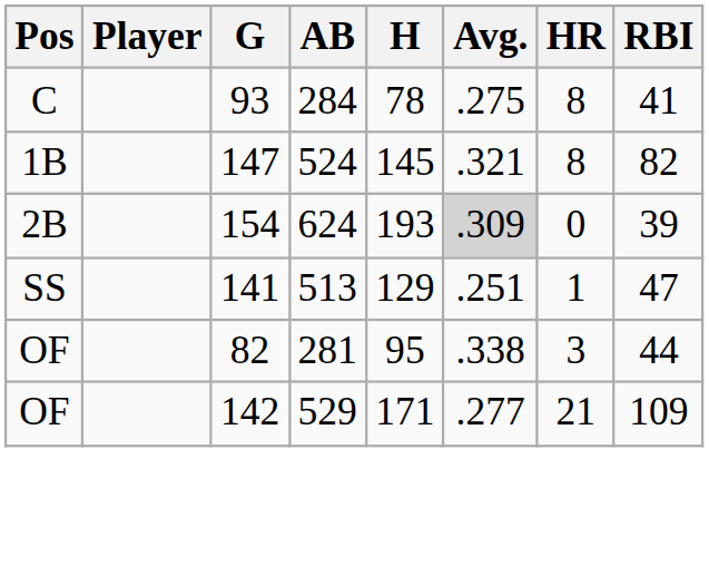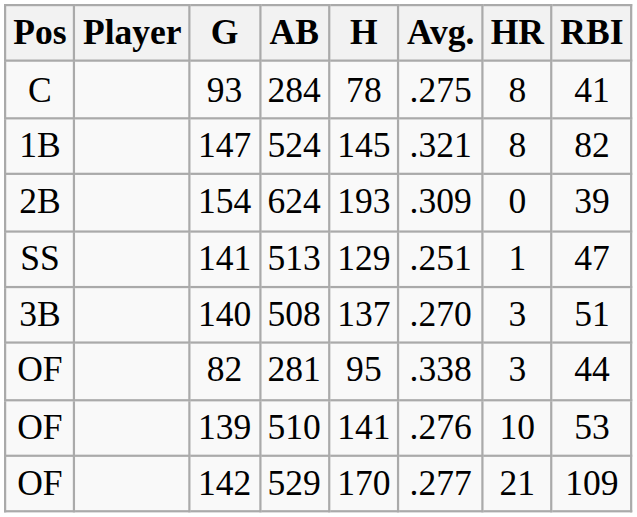 <table class="wikitable sortable" style="text-align:center;">
 <tr>
 <th>Pos</th>
 <th>Player</th>
 <th>G</th>
 <th>AB</th>
 <th>H</th>
 <th>Avg.</th>
 <th>HR</th>
 <th>RBI</th>
 </tr>
 <tr>
 <td>C</td>
 <td></td>
 <td>93</td>
 <td>284</td>
 <td>78</td>
 <td>.275</td>
 <td>8</td>
 <td>41</td>
 </tr>
 <tr>
 <td>1B</td>
 <td></td>
 <td>147</td>
 <td>524</td>
 <td>145</td>
 <td>.321</td>
 <td>8</td>
 <td>82</td>
 </tr>
 <tr>
 <td>2B</td>
 <td></td>
 <td>154</td>
 <td>624</td>
 <td>193</td>
-<td style="background: lightgrey;">.309</td>
+<td>.309</td>
 <td>0</td>
 <td>39</td>
 </tr>
 <tr>
 <td>SS</td>
 <td></td>
 <td>141</td>
 <td>513</td>
 <td>129</td>
 <td>.251</td>
 <td>1</td>
 <td>47</td>
 </tr>
 <tr>
+<td>3B</td>
+<td></td>
+<td>140</td>
+<td>508</td>
+<td>137</td>
+<td>.270</td>
+<td>3</td>
+<td>51</td>
+</tr>
+<tr>
 <td>OF</td>
 <td></td>
 <td>82</td>
 <td>281</td>
 <td>95</td>
 <td>.338</td>
 <td>3</td>
 <td>44</td>
 </tr>
 <tr>
 <td>OF</td>
 <td></td>
+<td>139</td>
+<td>510</td>
+<td>141</td>
+<td>.276</td>
+<td>10</td>
+<td>53</td>
+</tr>
+<tr>
+<td>OF</td>
+<td></td>
 <td>142</td>
 <td>529</td>
-<td>171</td>
+<td>170</td>
 <td>.277</td>
 <td>21</td>
 <td>109</td>
 </tr>
 </table>
